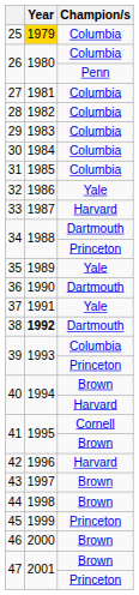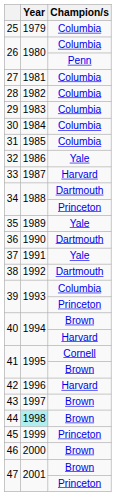 <table class="wikitable sortable" style="text-align:center">
 <tr>
 <th></th>
 <th>Year</th>
 <th>Champion/s</th>
 </tr>
 <tr>
 <td>25</td>
-<td style="background: gold;">1979</td>
+<td>1979</td>
 <td><a href='#'>Columbia</a> </td>
 </tr>
 <tr>
 <td rowspan=2>26</td>
 <td rowspan=2>1980</td>
 <td><a href='#'>Columbia</a>  </td>
 </tr>
 <tr>
 <td><a href='#'>Penn</a>  </td>
 </tr>
 <tr>
 <td>27</td>
 <td>1981</td>
 <td><a href='#'>Columbia</a> </td>
 </tr>
 <tr>
 <td>28</td>
 <td>1982</td>
 <td><a href='#'>Columbia</a> </td>
 </tr>
 <tr>
 <td>29</td>
 <td>1983</td>
 <td><a href='#'>Columbia</a> </td>
 </tr>
 <tr>
 <td>30</td>
 <td>1984</td>
 <td><a href='#'>Columbia</a> </td>
 </tr>
 <tr>
 <td>31</td>
 <td>1985</td>
 <td><a href='#'>Columbia</a> </td>
 </tr>
 <tr>
 <td>32</td>
 <td>1986</td>
 <td><a href='#'>Yale</a> </td>
 </tr>
 <tr>
 <td>33</td>
 <td>1987</td>
 <td><a href='#'>Harvard</a> </td>
 </tr>
 <tr>
 <td rowspan=2>34</td>
 <td rowspan=2>1988</td>
 <td><a href='#'>Dartmouth</a>  </td>
 </tr>
 <tr>
 <td><a href='#'>Princeton</a>  </td>
 </tr>
 <tr>
 <td>35</td>
 <td>1989</td>
 <td><a href='#'>Yale</a> </td>
 </tr>
 <tr>
 <td>36</td>
 <td>1990</td>
 <td><a href='#'>Dartmouth</a> </td>
 </tr>
 <tr>
 <td>37</td>
 <td>1991</td>
 <td><a href='#'>Yale</a> </td>
 </tr>
 <tr>
 <td>38</td>
-<td><strong>1992</strong></td>
+<td>1992</td>
 <td><a href='#'>Dartmouth</a> </td>
 </tr>
 <tr>
 <td rowspan=2>39</td>
 <td rowspan=2>1993</td>
 <td><a href='#'>Columbia</a>  </td>
 </tr>
 <tr>
 <td><a href='#'>Princeton</a>  </td>
 </tr>
 <tr>
 <td rowspan=2>40</td>
 <td rowspan=2>1994</td>
 <td><a href='#'>Brown</a> </td>
 </tr>
 <tr>
 <td><a href='#'>Harvard</a> </td>
 </tr>
 <tr>
 <td rowspan=2>41</td>
 <td rowspan=2>1995</td>
 <td><a href='#'>Cornell</a>  </td>
 </tr>
 <tr>
 <td><a href='#'>Brown</a>  </td>
 </tr>
 <tr>
 <td>42</td>
 <td>1996</td>
 <td><a href='#'>Harvard</a> </td>
 </tr>
 <tr>
 <td>43</td>
 <td>1997</td>
 <td><a href='#'>Brown</a> </td>
 </tr>
 <tr>
 <td>44</td>
-<td>1998</td>
+<td style="background: paleturquoise;">1998</td>
 <td><a href='#'>Brown</a> </td>
 </tr>
 <tr>
 <td>45</td>
 <td>1999</td>
 <td><a href='#'>Princeton</a> </td>
 </tr>
 <tr>
 <td>46</td>
 <td>2000</td>
 <td><a href='#'>Brown</a> </td>
 </tr>
 <tr>
 <td rowspan=2>47</td>
 <td rowspan=2>2001</td>
 <td><a href='#'>Brown</a>  </td>
 </tr>
 <tr>
 <td><a href='#'>Princeton</a>  </td>
 </tr>
 </table>
